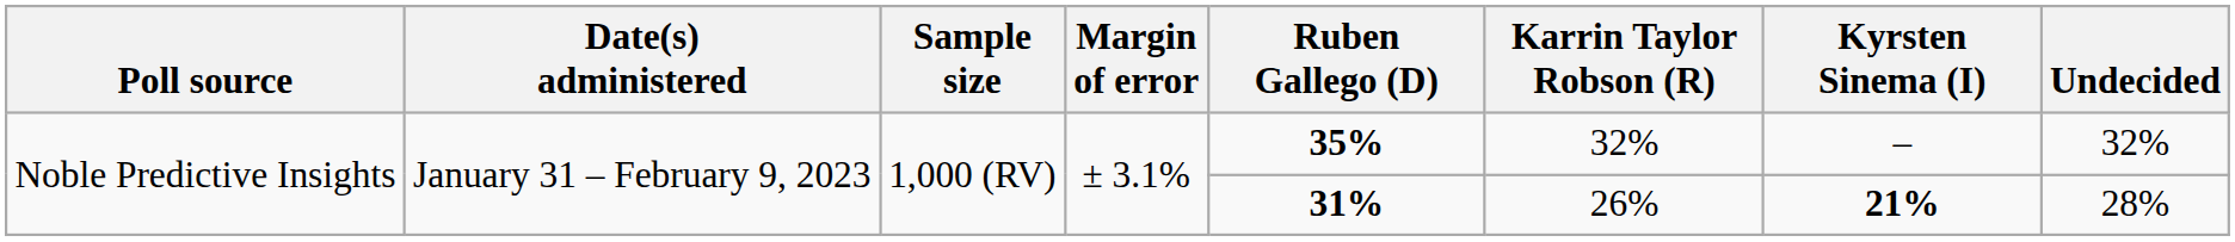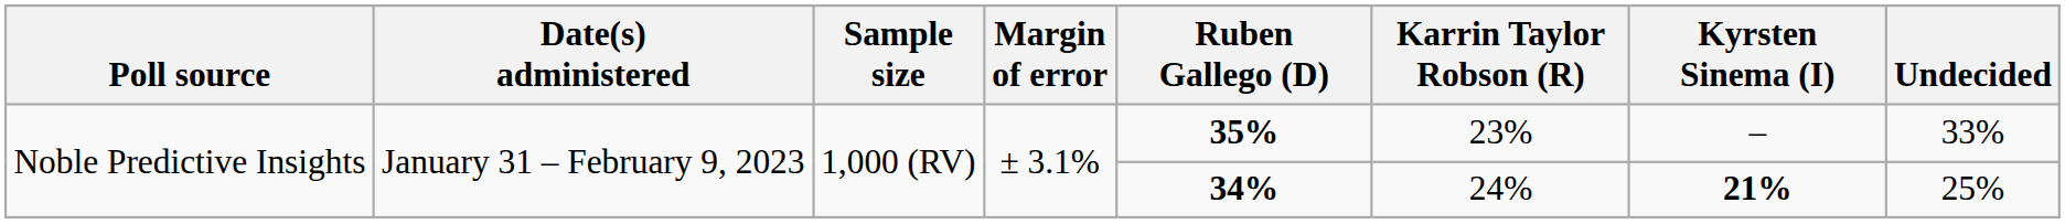 <table class="wikitable" style="font-size:90%;text-align:center;">
 <tr style="vertical-align:bottom">
 <th>Poll source</th>
 <th>Date(s)<br>administered</th>
 <th>Sample<br>size</th>
 <th>Margin<br>of error</th>
 <th style="width:100px;">Ruben<br>Gallego (D)</th>
 <th style="width:100px;">Karrin Taylor<br>Robson (R)</th>
 <th style="width:100px;">Kyrsten<br>Sinema (I)</th>
 <th>Undecided</th>
 </tr>
 <tr>
 <td rowspan=2 style="text-align:left">Noble Predictive Insights</td>
 <td rowspan=2>January 31 – February 9, 2023</td>
 <td rowspan=2>1,000 (RV)</td>
 <td rowspan=2>± 3.1%</td>
 <td><strong>35%</strong></td>
-<td>32%</td>
+<td>23%</td>
 <td>–</td>
-<td>32%</td>
+<td>33%</td>
 </tr>
 <tr>
-<td><strong>31%</strong></td>
-<td>26%</td>
+<td><strong>34%</strong></td>
+<td>24%</td>
 <td><strong>21%</strong></td>
-<td>28%</td>
+<td>25%</td>
 </tr>
 </table>
